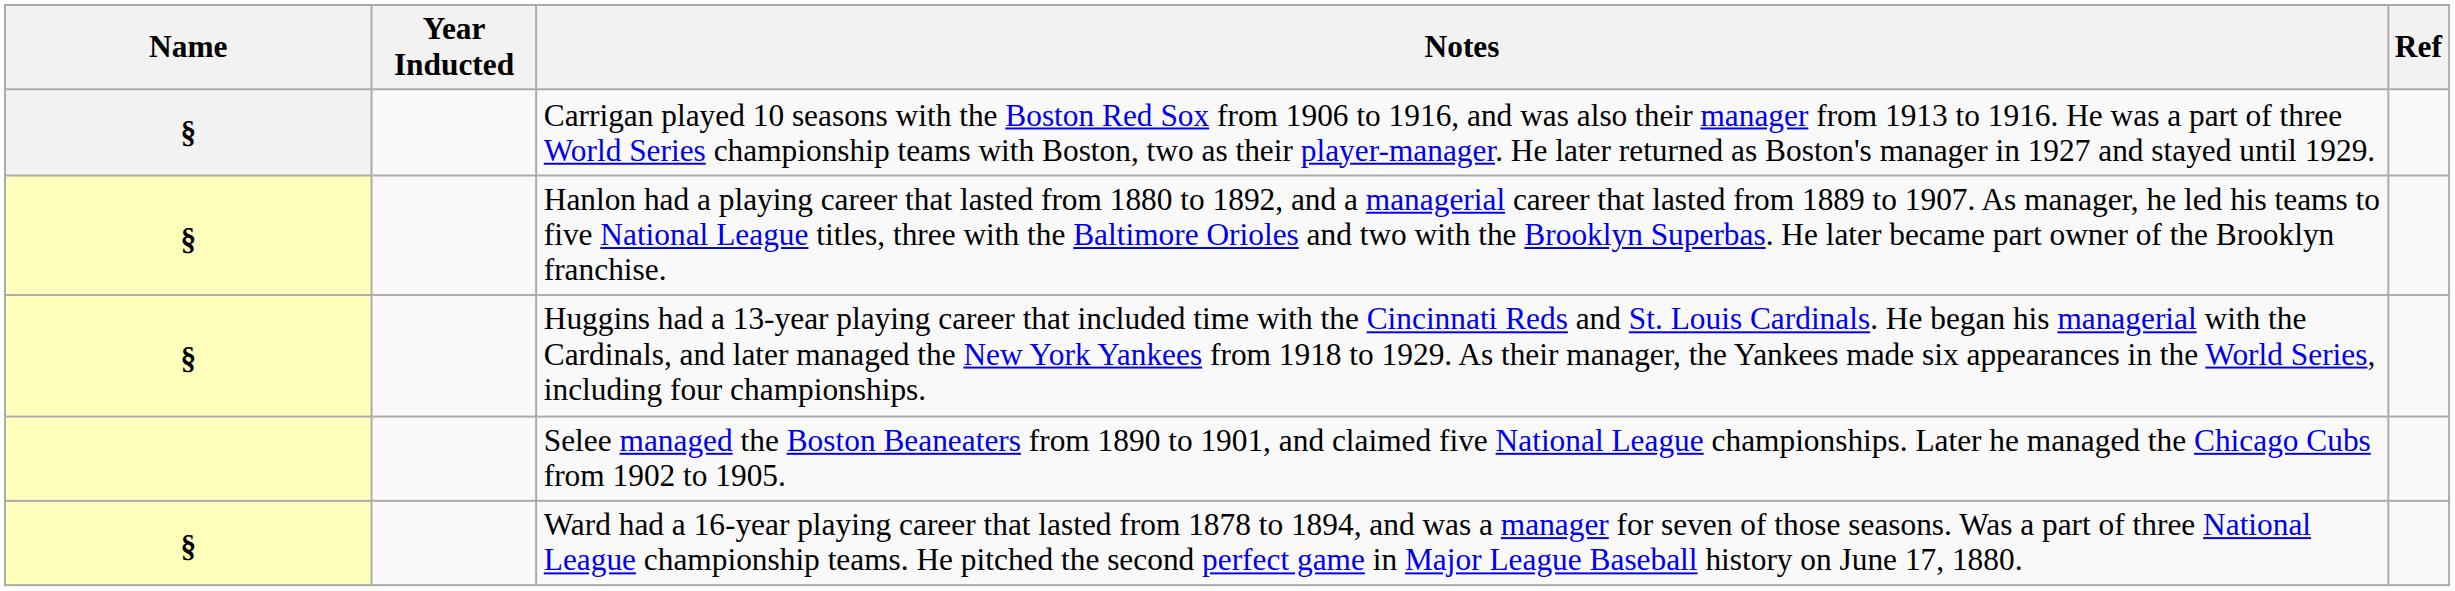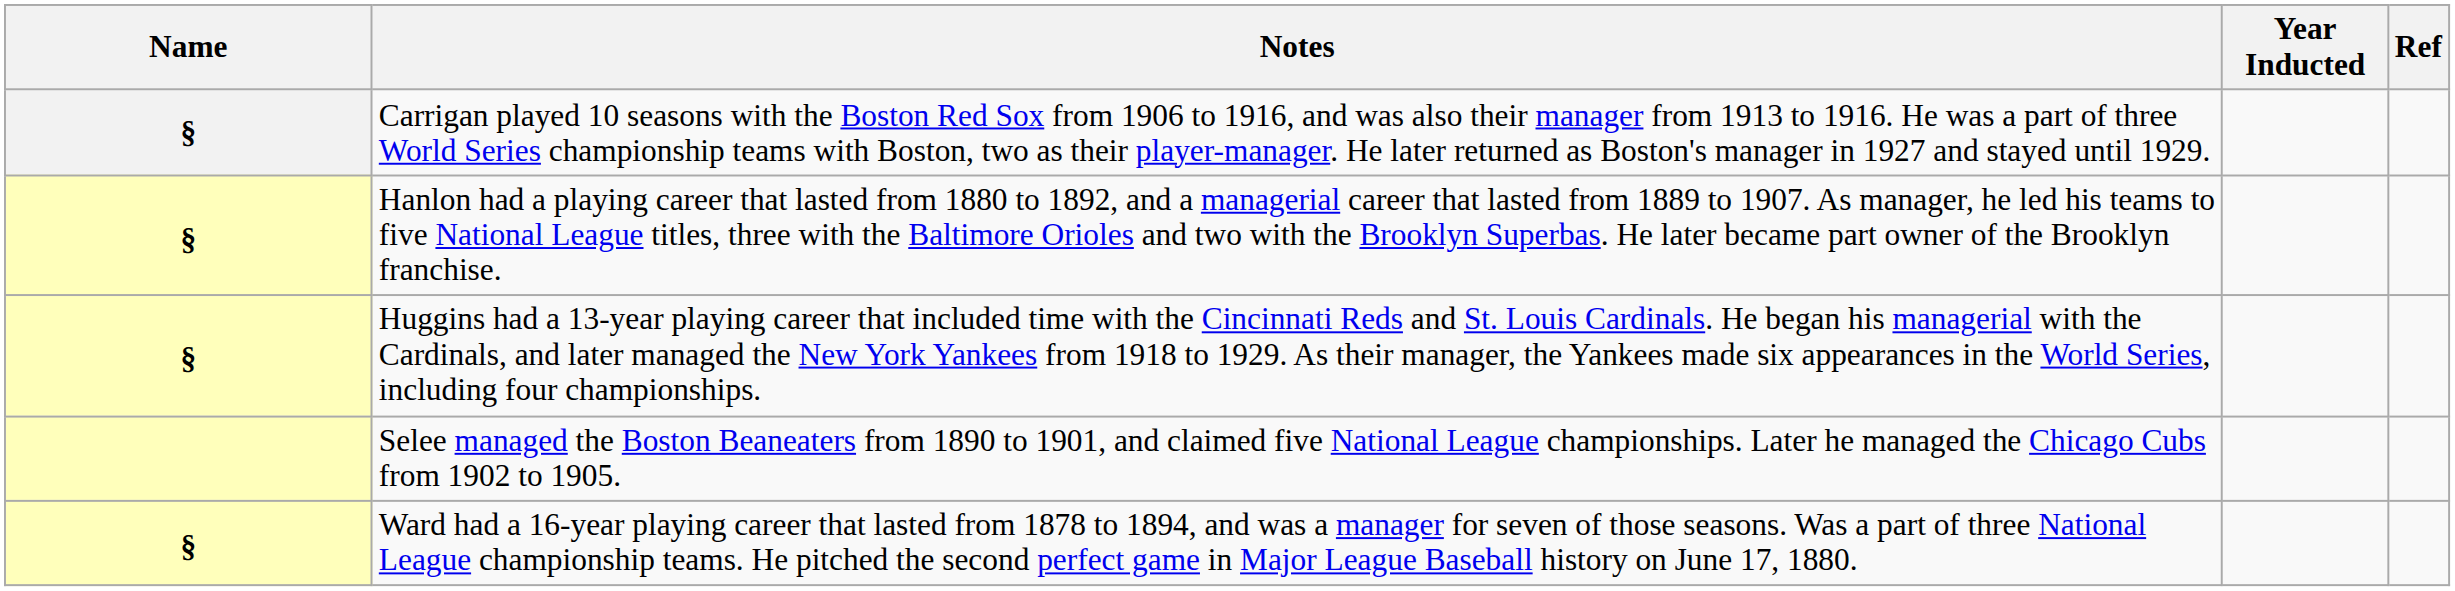 <table class="wikitable sortable plainrowheaders">
 <tr>
 <th scope="col" width=15%>Name</th>
+<th scope="col" class="unsortable">Notes</th>
 <th scope="col">Year Inducted</th>
-<th scope="col" class="unsortable">Notes</th>
 <th scope="col" class="unsortable">Ref</th>
 </tr>
 <tr>
 <th scope="row" style="text-align:center">§</th>
+<td>Carrigan played 10 seasons with the <a href='#'>Boston Red Sox</a> from 1906 to 1916, and was also their <a href='#'>manager</a> from 1913 to 1916. He was a part of three <a href='#'>World Series</a> championship teams with Boston, two as their <a href='#'>player-manager</a>. He later returned as Boston's manager in 1927 and stayed until 1929.</td>
 <td align=center></td>
-<td>Carrigan played 10 seasons with the <a href='#'>Boston Red Sox</a> from 1906 to 1916, and was also their <a href='#'>manager</a> from 1913 to 1916. He was a part of three <a href='#'>World Series</a> championship teams with Boston, two as their <a href='#'>player-manager</a>. He later returned as Boston's manager in 1927 and stayed until 1929.</td>
 <td align=center></td>
 </tr>
 <tr>
 <th scope="row" style="text-align:center; background-color: #ffffbb"><sup></sup>§</th>
+<td>Hanlon had a playing career that lasted from 1880 to 1892, and a <a href='#'>managerial</a> career that lasted from 1889 to 1907. As manager, he led his teams to five <a href='#'>National League</a> titles, three with the <a href='#'>Baltimore Orioles</a> and two with the <a href='#'>Brooklyn Superbas</a>. He later became part owner of the Brooklyn franchise.</td>
 <td align=center></td>
-<td>Hanlon had a playing career that lasted from 1880 to 1892, and a <a href='#'>managerial</a> career that lasted from 1889 to 1907. As manager, he led his teams to five <a href='#'>National League</a> titles, three with the <a href='#'>Baltimore Orioles</a> and two with the <a href='#'>Brooklyn Superbas</a>. He later became part owner of the Brooklyn franchise.</td>
 <td align=center></td>
 </tr>
 <tr>
 <th scope="row" style="text-align:center; background-color: #ffffbb"><sup></sup>§</th>
+<td>Huggins had a 13-year playing career that included time with the <a href='#'>Cincinnati Reds</a> and <a href='#'>St. Louis Cardinals</a>. He began his <a href='#'>managerial</a> with the Cardinals, and later managed the <a href='#'>New York Yankees</a> from 1918 to 1929. As their manager, the Yankees made six appearances in the <a href='#'>World Series</a>, including four championships.</td>
 <td align=center></td>
-<td>Huggins had a 13-year playing career that included time with the <a href='#'>Cincinnati Reds</a> and <a href='#'>St. Louis Cardinals</a>. He began his <a href='#'>managerial</a> with the Cardinals, and later managed the <a href='#'>New York Yankees</a> from 1918 to 1929. As their manager, the Yankees made six appearances in the <a href='#'>World Series</a>, including four championships.</td>
 <td align=center></td>
 </tr>
 <tr>
 <th scope="row" style="text-align:center; background-color: #ffffbb"><sup></sup></th>
+<td>Selee <a href='#'>managed</a> the <a href='#'>Boston Beaneaters</a> from 1890 to 1901, and claimed five <a href='#'>National League</a> championships. Later he managed the <a href='#'>Chicago Cubs</a> from 1902 to 1905.</td>
 <td align=center></td>
-<td>Selee <a href='#'>managed</a> the <a href='#'>Boston Beaneaters</a> from 1890 to 1901, and claimed five <a href='#'>National League</a> championships. Later he managed the <a href='#'>Chicago Cubs</a> from 1902 to 1905.</td>
 <td align=center></td>
 </tr>
 <tr>
 <th scope="row" style="text-align:center; background-color: #ffffbb"><sup></sup>§</th>
+<td>Ward had a 16-year playing career that lasted from 1878 to 1894, and was a <a href='#'>manager</a> for seven of those seasons. Was a part of three <a href='#'>National League</a> championship teams. He pitched the second <a href='#'>perfect game</a> in <a href='#'>Major League Baseball</a> history on June 17, 1880.</td>
 <td align=center></td>
-<td>Ward had a 16-year playing career that lasted from 1878 to 1894, and was a <a href='#'>manager</a> for seven of those seasons. Was a part of three <a href='#'>National League</a> championship teams. He pitched the second <a href='#'>perfect game</a> in <a href='#'>Major League Baseball</a> history on June 17, 1880.</td>
 <td align=center></td>
 </tr>
 </table>
